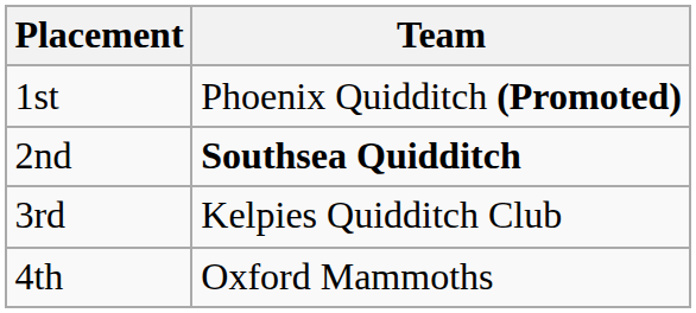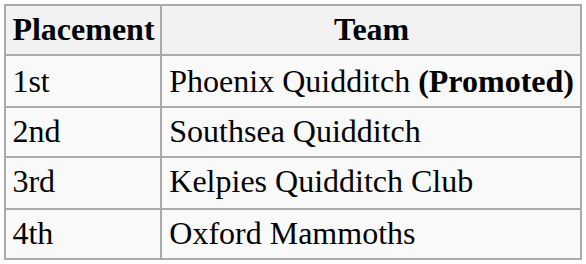 <table class="wikitable">
 <tr>
 <th>Placement</th>
 <th>Team</th>
 </tr>
 <tr>
 <td>1st</td>
 <td>Phoenix Quidditch <strong>(Promoted)</strong></td>
 </tr>
 <tr>
 <td>2nd</td>
-<td><strong>Southsea Quidditch</strong></td>
+<td>Southsea Quidditch</td>
 </tr>
 <tr>
 <td>3rd</td>
 <td>Kelpies Quidditch Club</td>
 </tr>
 <tr>
 <td>4th</td>
 <td>Oxford Mammoths</td>
 </tr>
 </table>
